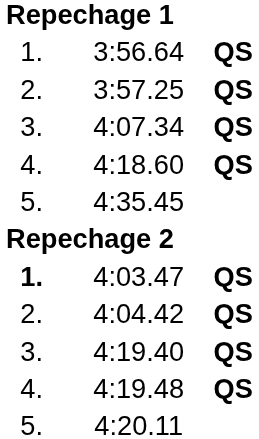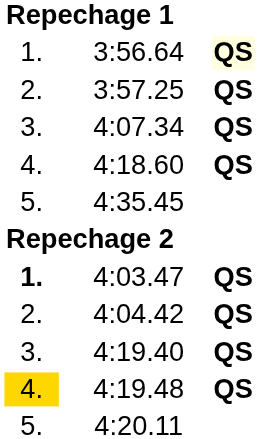 <table style="text-align:center">
 <tr>
 <td colspan=4 align=left><strong>Repechage 1</strong></td>
 </tr>
 <tr>
 <td width=30>1.</td>
 <td align=left></td>
 <td width=80>3:56.64</td>
-<td><strong>QS</strong></td>
+<td style="background: lightyellow;"><strong>QS</strong></td>
 </tr>
 <tr>
 <td>2.</td>
 <td align=left></td>
 <td>3:57.25</td>
 <td><strong>QS</strong></td>
 </tr>
 <tr>
 <td>3.</td>
 <td align=left></td>
 <td>4:07.34</td>
 <td><strong>QS</strong></td>
 </tr>
 <tr>
 <td>4.</td>
 <td align=left></td>
 <td>4:18.60</td>
 <td><strong>QS</strong></td>
 </tr>
 <tr>
 <td>5.</td>
 <td align=left></td>
 <td>4:35.45</td>
 <td></td>
 </tr>
 <tr>
 <td colspan=4 align=left><strong>Repechage 2</strong></td>
 </tr>
 <tr>
 <td><strong>1.</strong></td>
 <td align=left></td>
 <td>4:03.47</td>
 <td><strong>QS</strong></td>
 </tr>
 <tr>
 <td>2.</td>
 <td align=left></td>
 <td>4:04.42</td>
 <td><strong>QS</strong></td>
 </tr>
 <tr>
 <td>3.</td>
 <td align=left></td>
 <td>4:19.40</td>
 <td><strong>QS</strong></td>
 </tr>
 <tr>
-<td>4.</td>
+<td style="background: gold;">4.</td>
 <td align=left></td>
 <td>4:19.48</td>
 <td><strong>QS</strong></td>
 </tr>
 <tr>
 <td>5.</td>
 <td align=left></td>
 <td>4:20.11</td>
 <td></td>
 </tr>
 </table>
